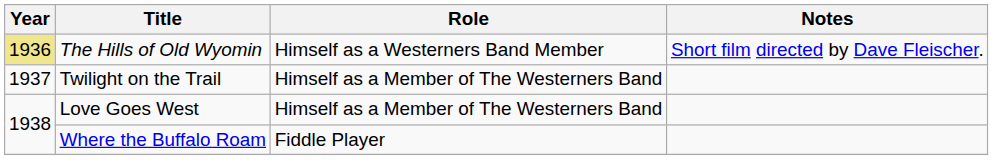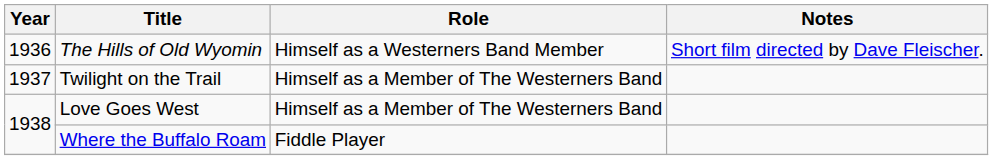 <table class="wikitable sortable">
 <tr>
 <th>Year</th>
 <th>Title</th>
 <th>Role</th>
 <th class="unsortable">Notes</th>
 </tr>
 <tr>
-<td style="background: khaki;">1936</td>
+<td>1936</td>
 <td><em>The Hills of Old Wyomin<strong></td>
 <td>Himself as a Westerners Band Member</td>
 <td><a href='#'>Short film</a> <a href='#'>directed</a> by <a href='#'>Dave Fleischer</a>.</td>
 </tr>
 <tr>
 <td>1937</td>
 <td></em>Twilight on the Trail<em></td>
 <td>Himself as a Member of The Westerners Band</td>
 <td></td>
 </tr>
 <tr>
 <td rowspan="2">1938</td>
 <td></em>Love Goes West<em></td>
 <td>Himself as a Member of The Westerners Band</td>
 <td></td>
 </tr>
 <tr>
 <td></em><a href='#'>Where the Buffalo Roam</a><em></td>
 <td>Fiddle Player</td>
 <td></td>
 </tr>
 <tr>
 </tr>
 </table>
